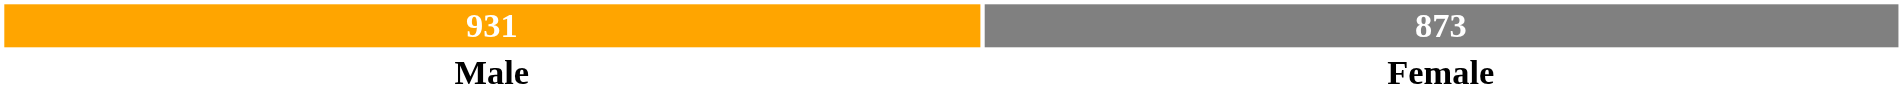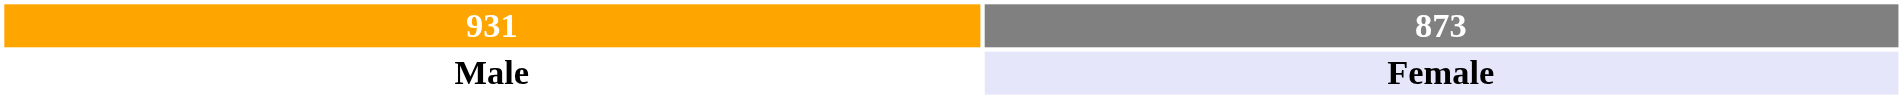 <table style="width:70%; text-align:center;">
 <tr style="color:white;">
 <td style="background:orange; width:51.6%;"><strong>931</strong></td>
 <td style="background:grey; width:48.39%;"><strong>873</strong></td>
 </tr>
 <tr>
 <td><span><strong>Male</strong></span></td>
-<td><span><strong>Female</strong></span></td>
+<td style="background: lavender;"><span><strong>Female</strong></span></td>
 </tr>
 </table>
